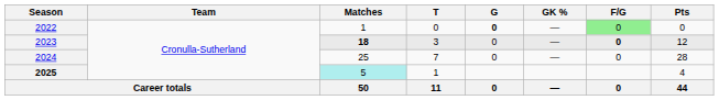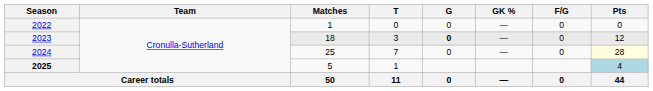 <table class="wikitable sortable"  style="font-size:90%; text-align:center; width:85%;">
 <tr>
 <th width=2%>Season</th>
 <th width=8%>Team</th>
 <th width=2%>Matches</th>
 <th width=2%>T</th>
 <th width=2%>G</th>
 <th width=2%>GK %</th>
 <th width=2%>F/G</th>
 <th width=2%>Pts</th>
 </tr>
 <tr>
 <th scope="row" style="text-align:center; font-weight:normal"><a href='#'>2022</a></th>
 <td rowspan="4" style="text-align:center;"> <a href='#'>Cronulla-Sutherland</a></td>
 <td>1</td>
 <td>0</td>
-<td><strong>0</strong></td>
+<td>0</td>
 <td>—</td>
-<td style="background: lightgreen;">0</td>
+<td>0</td>
 <td>0</td>
 </tr>
 <tr style="background:#eaeaea;">
 <th scope="row" style="text-align:center; font-weight:normal"><a href='#'>2023</a></th>
-<td><strong>18</strong></td>
+<td>18</td>
 <td>3</td>
+<td><strong>0</strong></td>
+<td>—</td>
 <td>0</td>
-<td>—</td>
-<td><strong>0</strong></td>
 <td>12</td>
 </tr>
 <tr>
 <th scope="row" style="text-align:center; font-weight:normal"><a href='#'>2024</a></th>
 <td>25</td>
 <td>7</td>
 <td>0</td>
 <td>—</td>
 <td>0</td>
-<td>28</td>
+<td style="background: lightyellow;">28</td>
 </tr>
 <tr>
 <th>2025</th>
-<td style="background: paleturquoise;">5</td>
+<td>5</td>
 <td>1</td>
 <td></td>
 <td></td>
 <td></td>
-<td>4</td>
+<td style="background: lightblue;">4</td>
 </tr>
 <tr class="sortbottom">
 <th colspan="2">Career totals</th>
 <th>50</th>
 <th>11</th>
 <th>0</th>
 <th>—</th>
 <th>0</th>
 <th>44</th>
 </tr>
 </table>
